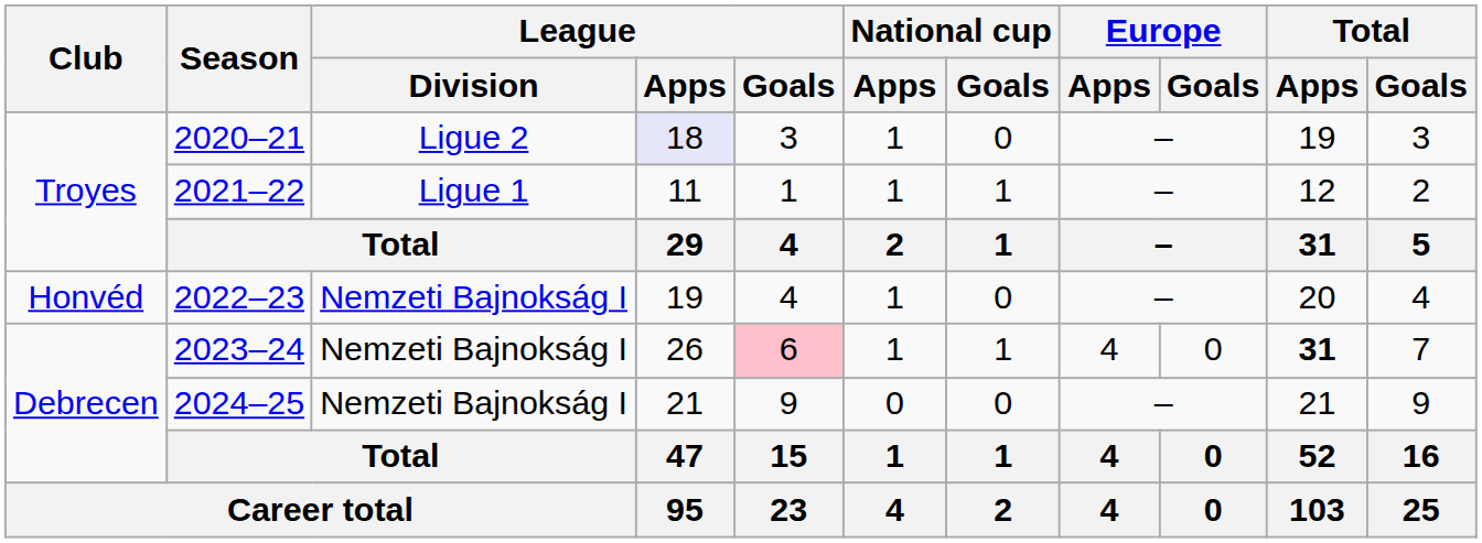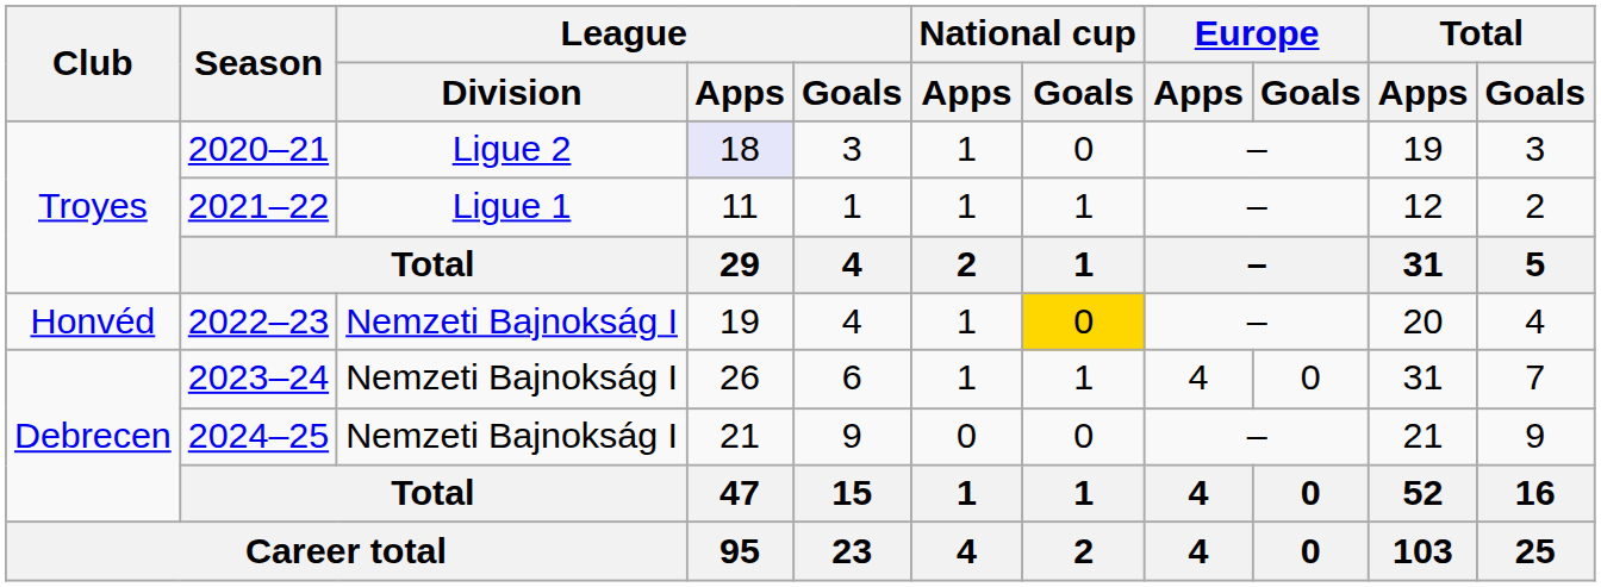 <table class="wikitable" style="text-align: center">
 <tr>
 <th rowspan="2">Club</th>
 <th rowspan="2">Season</th>
 <th colspan="3">League</th>
 <th colspan="2">National cup</th>
 <th colspan="2"><a href='#'>Europe</a></th>
 <th colspan="2">Total</th>
 </tr>
 <tr>
 <th>Division</th>
 <th>Apps</th>
 <th>Goals</th>
 <th>Apps</th>
 <th>Goals</th>
 <th>Apps</th>
 <th>Goals</th>
 <th>Apps</th>
 <th>Goals</th>
 </tr>
 <tr>
 <td rowspan="3"><a href='#'>Troyes</a></td>
 <td><a href='#'>2020–21</a></td>
 <td><a href='#'>Ligue 2</a></td>
 <td style="background: lavender;">18</td>
 <td>3</td>
 <td>1</td>
 <td>0</td>
 <td colspan="2">–</td>
 <td>19</td>
 <td>3</td>
 </tr>
 <tr>
 <td><a href='#'>2021–22</a></td>
 <td><a href='#'>Ligue 1</a></td>
 <td>11</td>
 <td>1</td>
 <td>1</td>
 <td>1</td>
 <td colspan="2">–</td>
 <td>12</td>
 <td>2</td>
 </tr>
 <tr>
 <th colspan="2">Total</th>
 <th>29</th>
 <th>4</th>
 <th>2</th>
 <th>1</th>
 <th colspan="2">–</th>
 <th>31</th>
 <th>5</th>
 </tr>
 <tr>
 <td><a href='#'>Honvéd</a></td>
 <td><a href='#'>2022–23</a></td>
 <td><a href='#'>Nemzeti Bajnokság I</a></td>
 <td>19</td>
 <td>4</td>
 <td>1</td>
-<td>0</td>
+<td style="background: gold;">0</td>
 <td colspan="2">–</td>
 <td>20</td>
 <td>4</td>
 </tr>
 <tr>
 <td rowspan="3"><a href='#'>Debrecen</a></td>
 <td><a href='#'>2023–24</a></td>
 <td>Nemzeti Bajnokság I</td>
 <td>26</td>
-<td style="background: pink;">6</td>
+<td>6</td>
 <td>1</td>
 <td>1</td>
 <td>4</td>
 <td>0</td>
-<td><strong>31</strong></td>
+<td>31</td>
 <td>7</td>
 </tr>
 <tr>
 <td><a href='#'>2024–25</a></td>
 <td>Nemzeti Bajnokság I</td>
 <td>21</td>
 <td>9</td>
 <td>0</td>
 <td>0</td>
 <td colspan="2">–</td>
 <td>21</td>
 <td>9</td>
 </tr>
 <tr>
 <th colspan="2">Total</th>
 <th>47</th>
 <th>15</th>
 <th>1</th>
 <th>1</th>
 <th>4</th>
 <th>0</th>
 <th>52</th>
 <th>16</th>
 </tr>
 <tr>
 <th colspan="3">Career total</th>
 <th>95</th>
 <th>23</th>
 <th>4</th>
 <th>2</th>
 <th>4</th>
 <th>0</th>
 <th>103</th>
 <th>25</th>
 </tr>
 </table>
